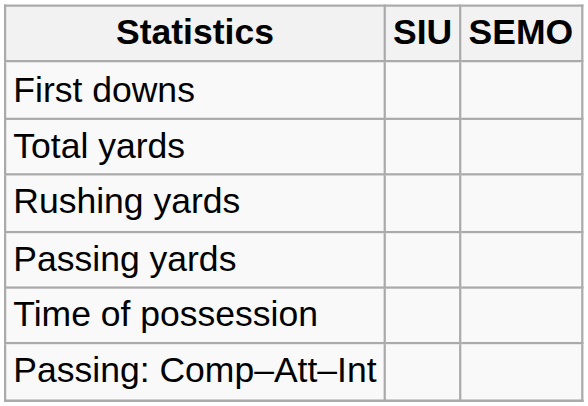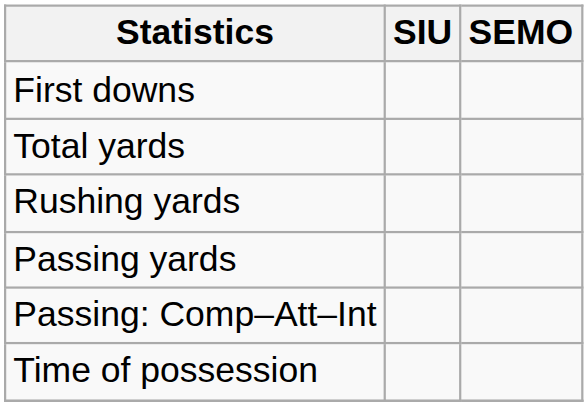 <table class="wikitable" style="float: left;">
 <tr>
 <th>Statistics</th>
 <th>SIU</th>
 <th>SEMO</th>
 </tr>
 <tr>
 <td>First downs</td>
 <td></td>
 <td></td>
 </tr>
 <tr>
 <td>Total yards</td>
 <td></td>
 <td></td>
 </tr>
 <tr>
 <td>Rushing yards</td>
 <td></td>
 <td></td>
 </tr>
 <tr>
 <td>Passing yards</td>
 <td></td>
 <td></td>
 </tr>
 <tr>
-<td>Time of possession</td>
+<td>Passing: Comp–Att–Int</td>
 <td></td>
 <td></td>
 </tr>
 <tr>
-<td>Passing: Comp–Att–Int</td>
+<td>Time of possession</td>
 <td></td>
 <td></td>
 </tr>
 <tr>
 </tr>
 </table>
